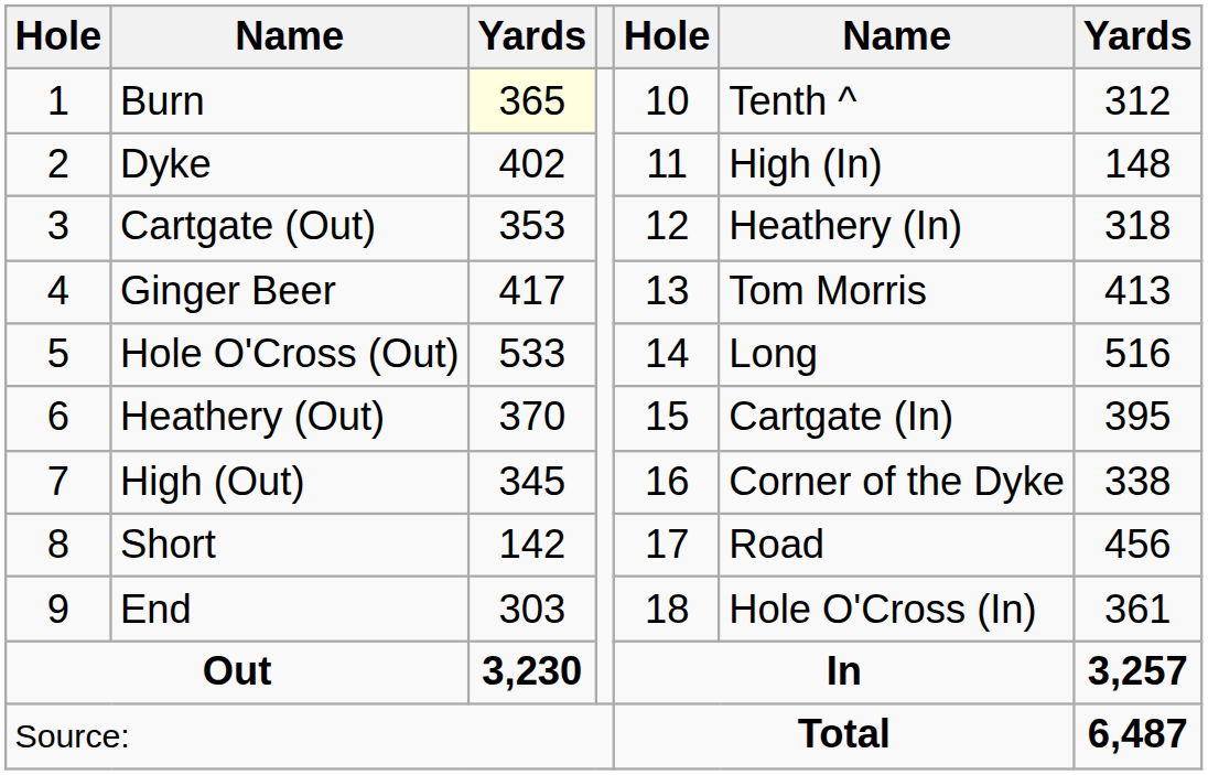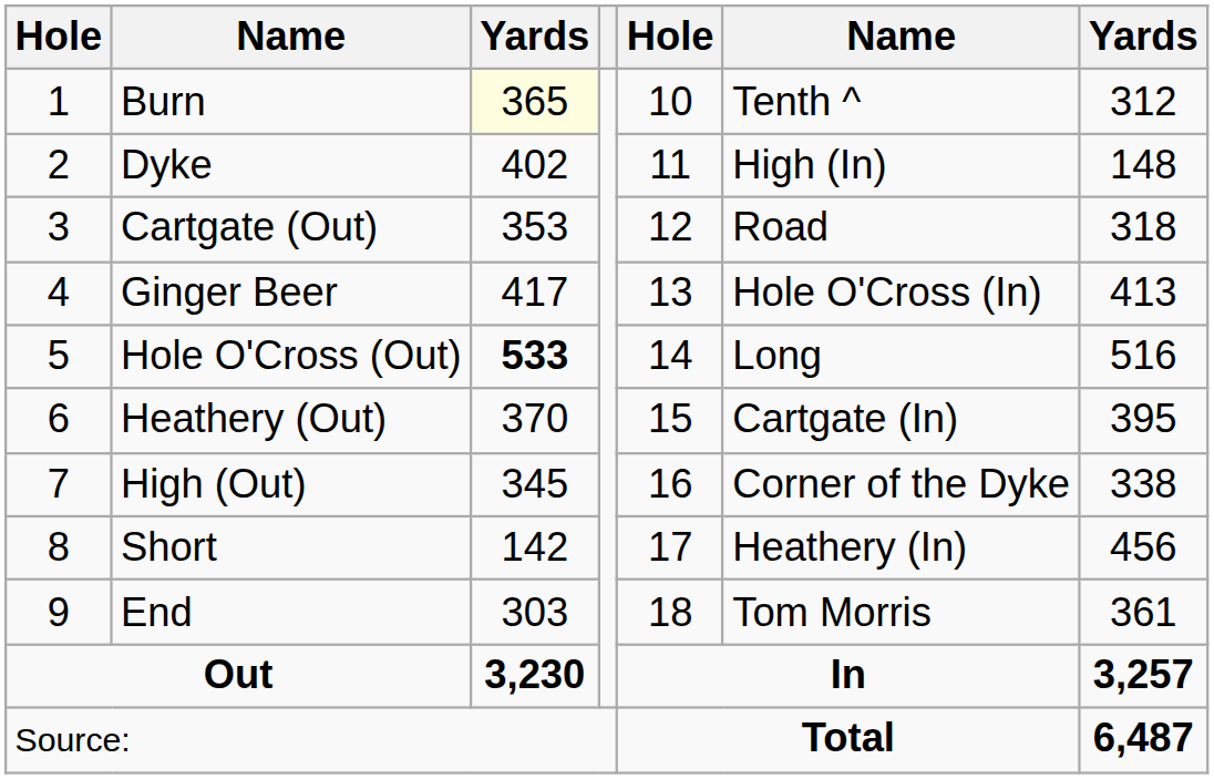 <table class=wikitable>
 <tr>
 <th>Hole</th>
 <th>Name</th>
 <th>Yards</th>
 <th></th>
 <th>Hole</th>
 <th>Name</th>
 <th>Yards</th>
 </tr>
 <tr>
 <td align=center>1</td>
 <td>Burn</td>
 <td align=center style="background: lightyellow;">365</td>
 <td rowspan=10></td>
 <td align=center>10</td>
 <td>Tenth ^</td>
 <td align=center>312</td>
 </tr>
 <tr>
 <td align=center>2</td>
 <td>Dyke</td>
 <td align=center>402</td>
 <td align=center>11</td>
 <td>High (In)</td>
 <td align=center>148</td>
 </tr>
 <tr>
 <td align=center>3</td>
 <td>Cartgate (Out)</td>
 <td align=center>353</td>
 <td align=center>12</td>
-<td>Heathery (In)</td>
+<td>Road</td>
 <td align=center>318</td>
 </tr>
 <tr>
 <td align=center>4</td>
 <td>Ginger Beer</td>
 <td align=center>417</td>
 <td align=center>13</td>
-<td>Tom Morris</td>
+<td>Hole O'Cross (In)</td>
 <td align=center>413</td>
 </tr>
 <tr>
 <td align=center>5</td>
 <td>Hole O'Cross (Out)</td>
-<td align=center>533</td>
+<td align=center><strong>533</strong></td>
 <td align=center>14</td>
 <td>Long</td>
 <td align=center>516</td>
 </tr>
 <tr>
 <td align=center>6</td>
 <td>Heathery (Out)</td>
 <td align=center>370</td>
 <td align=center>15</td>
 <td>Cartgate (In)</td>
 <td align=center>395</td>
 </tr>
 <tr>
 <td align=center>7</td>
 <td>High (Out)</td>
 <td align=center>345</td>
 <td align=center>16</td>
 <td>Corner of the Dyke</td>
 <td align=center>338</td>
 </tr>
 <tr>
 <td align=center>8</td>
 <td>Short</td>
 <td align=center>142</td>
 <td align=center>17</td>
-<td>Road</td>
+<td>Heathery (In)</td>
 <td align=center>456</td>
 </tr>
 <tr>
 <td align=center>9</td>
 <td>End</td>
 <td align=center>303</td>
 <td align=center>18</td>
-<td>Hole O'Cross (In)</td>
+<td>Tom Morris</td>
 <td align=center>361</td>
 </tr>
 <tr>
 <td colspan=2 align=center><strong>Out</strong></td>
 <td align=center><strong>3,230</strong></td>
 <td colspan=2 align=center><strong>In</strong></td>
 <td align=center><strong>3,257</strong></td>
 </tr>
 <tr>
 <td colspan=4><small>Source:</small></td>
 <td colspan=2 align=center><strong>Total</strong></td>
 <td align=center><strong>6,487</strong></td>
 </tr>
 </table>
